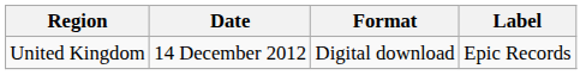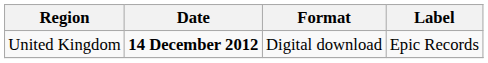 <table class=wikitable>
 <tr>
 <th>Region</th>
 <th>Date</th>
 <th>Format</th>
 <th>Label</th>
 </tr>
 <tr>
 <td>United Kingdom</td>
-<td>14 December 2012</td>
+<td><strong>14 December 2012</strong></td>
 <td>Digital download</td>
 <td>Epic Records</td>
 </tr>
 <tr>
 </tr>
 </table>
